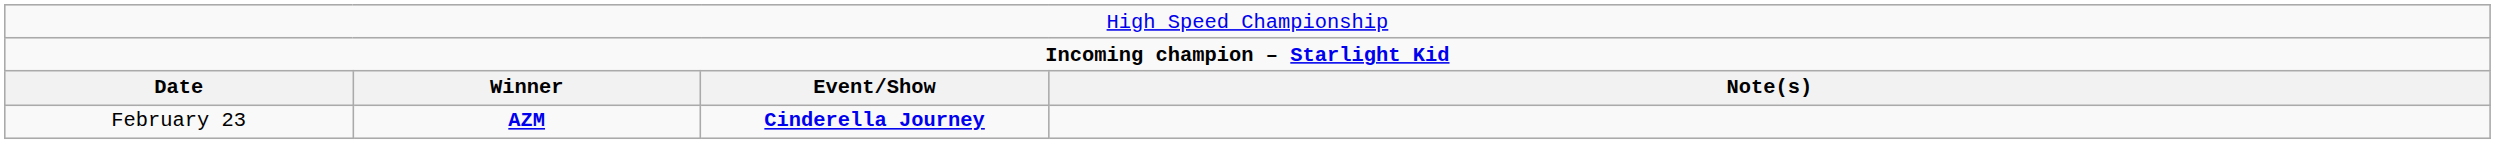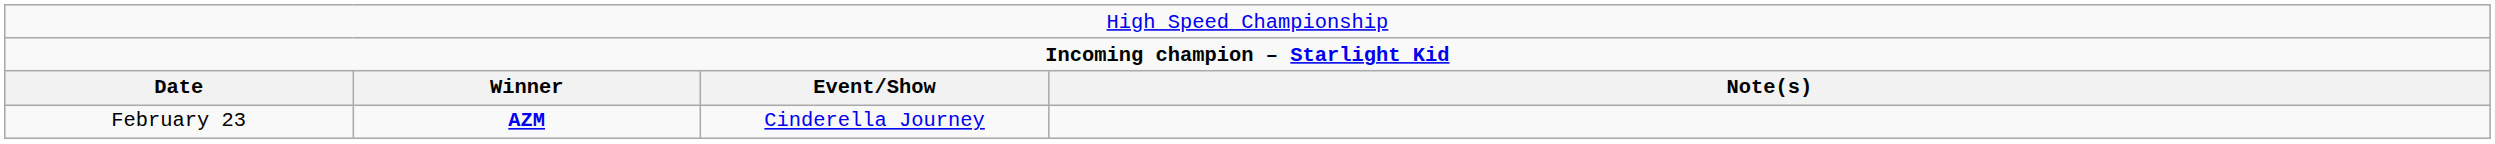 <table class="wikitable" style="text-align:center; width:100%;">
 <tr>
 <td colspan="4" style="text-align: center;"><a href='#'>High Speed Championship</a></td>
 </tr>
 <tr>
 <td colspan="4" style="text-align: center;"><strong>Incoming champion – <a href='#'>Starlight Kid</a></strong></td>
 </tr>
 <tr>
 <th width=14%>Date</th>
 <th width=14%>Winner</th>
 <th width=14%>Event/Show</th>
 <th width=58%>Note(s)</th>
 </tr>
 <tr>
 <td>February 23</td>
 <td><strong><a href='#'>AZM</a></strong></td>
-<td><strong><a href='#'>Cinderella Journey</a></strong></td>
+<td><a href='#'>Cinderella Journey</a></td>
 <td></td>
 </tr>
 </table>
